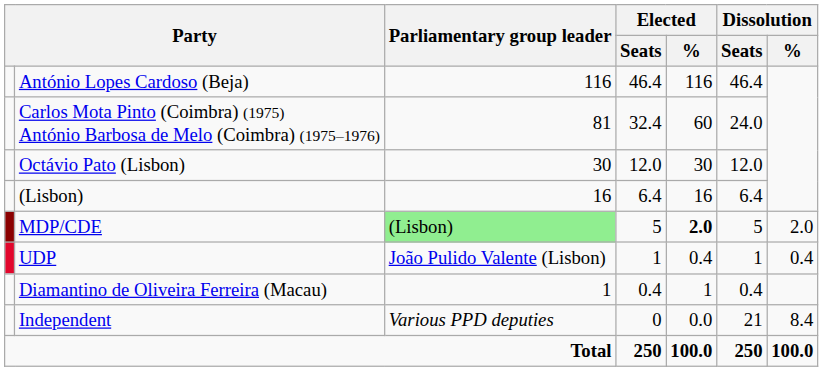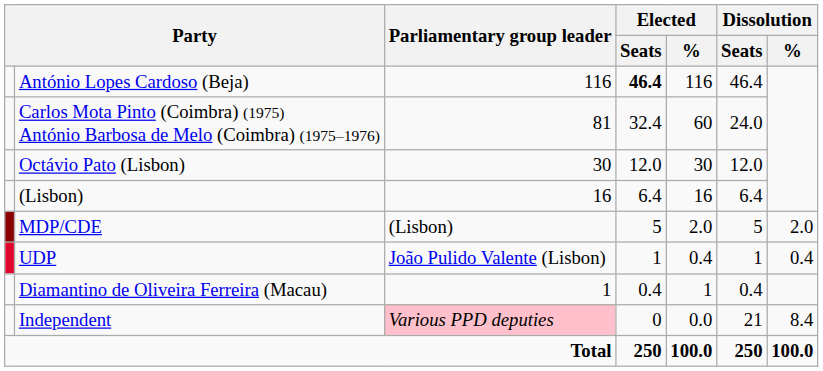 <table class="wikitable" style="text-align:right; font-size:95%;">
 <tr>
 <th colspan="2" rowspan="2">Party</th>
 <th rowspan="2">Parliamentary group leader</th>
 <th colspan="2">Elected</th>
 <th colspan="2">Dissolution</th>
 </tr>
 <tr>
 <th>Seats</th>
 <th>%</th>
 <th>Seats</th>
 <th>%</th>
 </tr>
 <tr>
 <td></td>
 <td align="left"><a href='#'>António Lopes Cardoso</a> (Beja)</td>
 <td align="right">116</td>
-<td align="right">46.4</td>
+<td align="right"><strong>46.4</strong></td>
 <td align="right">116</td>
 <td align="right">46.4</td>
 </tr>
 <tr>
 <td></td>
 <td align="left"><a href='#'>Carlos Mota Pinto</a> (Coimbra) <small>(1975)</small><br><a href='#'>António Barbosa de Melo</a> (Coimbra) <small>(1975–1976)</small></td>
 <td align="right">81</td>
 <td align="right">32.4</td>
 <td align="right">60</td>
 <td align="right">24.0</td>
 </tr>
 <tr>
 <td></td>
 <td align="left"><a href='#'>Octávio Pato</a> (Lisbon)</td>
 <td align="right">30</td>
 <td align="right">12.0</td>
 <td align="right">30</td>
 <td align="right">12.0</td>
 </tr>
 <tr>
 <td></td>
 <td align="left"> (Lisbon)</td>
 <td align="right">16</td>
 <td align="right">6.4</td>
 <td align="right">16</td>
 <td align="right">6.4</td>
 </tr>
 <tr>
 <td style="background:darkRed;"></td>
 <td align="left"><a href='#'>MDP/CDE</a></td>
-<td align="left" style="background: lightgreen;"> (Lisbon)</td>
+<td align="left"> (Lisbon)</td>
 <td align="right">5</td>
-<td align="right"><strong>2.0</strong></td>
+<td align="right">2.0</td>
 <td align="right">5</td>
 <td align="right">2.0</td>
 </tr>
 <tr>
 <td style="background:#E2062C;"></td>
 <td align="left"><a href='#'>UDP</a></td>
 <td align="left"><a href='#'>João Pulido Valente</a> (Lisbon)</td>
 <td align="right">1</td>
 <td align="right">0.4</td>
 <td align="right">1</td>
 <td align="right">0.4</td>
 </tr>
 <tr>
 <td></td>
 <td align="left"><a href='#'>Diamantino de Oliveira Ferreira</a> (Macau)</td>
 <td align="right">1</td>
 <td align="right">0.4</td>
 <td align="right">1</td>
 <td align="right">0.4</td>
 </tr>
 <tr>
 <td style="width:1px; background:"></td>
 <td style="text-align:left;"><a href='#'>Independent</a></td>
-<td align="left"><em>Various PPD deputies</em></td>
+<td align="left" style="background: pink;"><em>Various PPD deputies</em></td>
 <td align="right">0</td>
 <td align="right">0.0</td>
 <td align="right">21</td>
 <td align="right">8.4</td>
 </tr>
 <tr>
 <td colspan="3"> <strong>Total</strong></td>
 <td align="right"><strong>250</strong></td>
 <td align="right"><strong>100.0</strong></td>
 <td align="right"><strong>250</strong></td>
 <td align="right"><strong>100.0</strong></td>
 </tr>
 </table>
